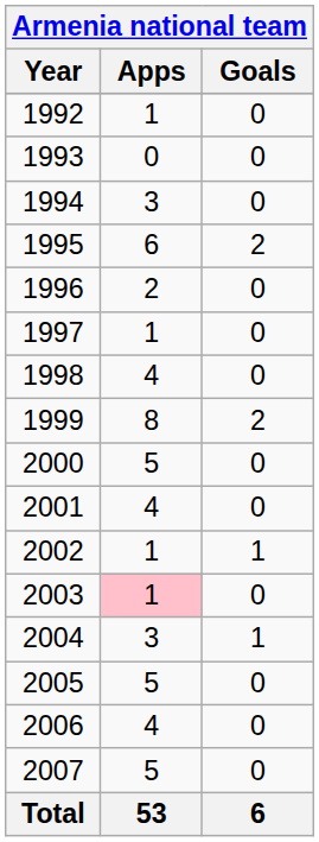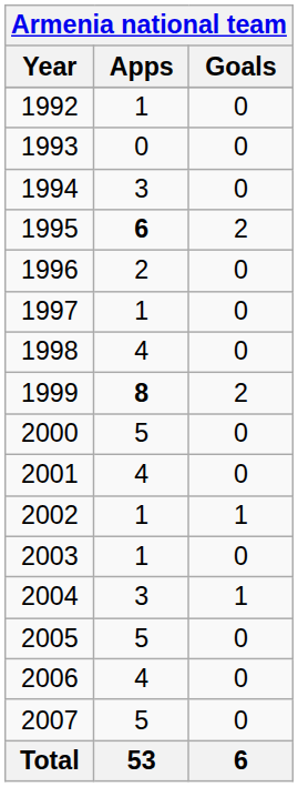 <table class="wikitable" style="text-align:center">
 <tr>
 <th colspan=3><a href='#'>Armenia national team</a></th>
 </tr>
 <tr>
 <th>Year</th>
 <th>Apps</th>
 <th>Goals</th>
 </tr>
 <tr>
 </tr>
 <tr>
 <td>1992</td>
 <td>1</td>
 <td>0</td>
 </tr>
 <tr>
 <td>1993</td>
 <td>0</td>
 <td>0</td>
 </tr>
 <tr>
 <td>1994</td>
 <td>3</td>
 <td>0</td>
 </tr>
 <tr>
 <td>1995</td>
-<td>6</td>
+<td><strong>6</strong></td>
 <td>2</td>
 </tr>
 <tr>
 <td>1996</td>
 <td>2</td>
 <td>0</td>
 </tr>
 <tr>
 <td>1997</td>
 <td>1</td>
 <td>0</td>
 </tr>
 <tr>
 <td>1998</td>
 <td>4</td>
 <td>0</td>
 </tr>
 <tr>
 <td>1999</td>
-<td>8</td>
+<td><strong>8</strong></td>
 <td>2</td>
 </tr>
 <tr>
 <td>2000</td>
 <td>5</td>
 <td>0</td>
 </tr>
 <tr>
 <td>2001</td>
 <td>4</td>
 <td>0</td>
 </tr>
 <tr>
 <td>2002</td>
 <td>1</td>
 <td>1</td>
 </tr>
 <tr>
 <td>2003</td>
-<td style="background: pink;">1</td>
+<td>1</td>
 <td>0</td>
 </tr>
 <tr>
 <td>2004</td>
 <td>3</td>
 <td>1</td>
 </tr>
 <tr>
 <td>2005</td>
 <td>5</td>
 <td>0</td>
 </tr>
 <tr>
 <td>2006</td>
 <td>4</td>
 <td>0</td>
 </tr>
 <tr>
 <td>2007</td>
 <td>5</td>
 <td>0</td>
 </tr>
 <tr>
 <th>Total</th>
 <th>53</th>
 <th>6</th>
 </tr>
 </table>
